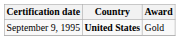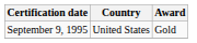 <table class="wikitable">
 <tr>
 <th>Certification date</th>
 <th>Country</th>
 <th>Award</th>
 </tr>
 <tr>
 <td>September 9, 1995</td>
-<td><strong>United States</strong></td>
+<td>United States</td>
 <td>Gold</td>
 </tr>
 <tr>
 </tr>
 </table>
